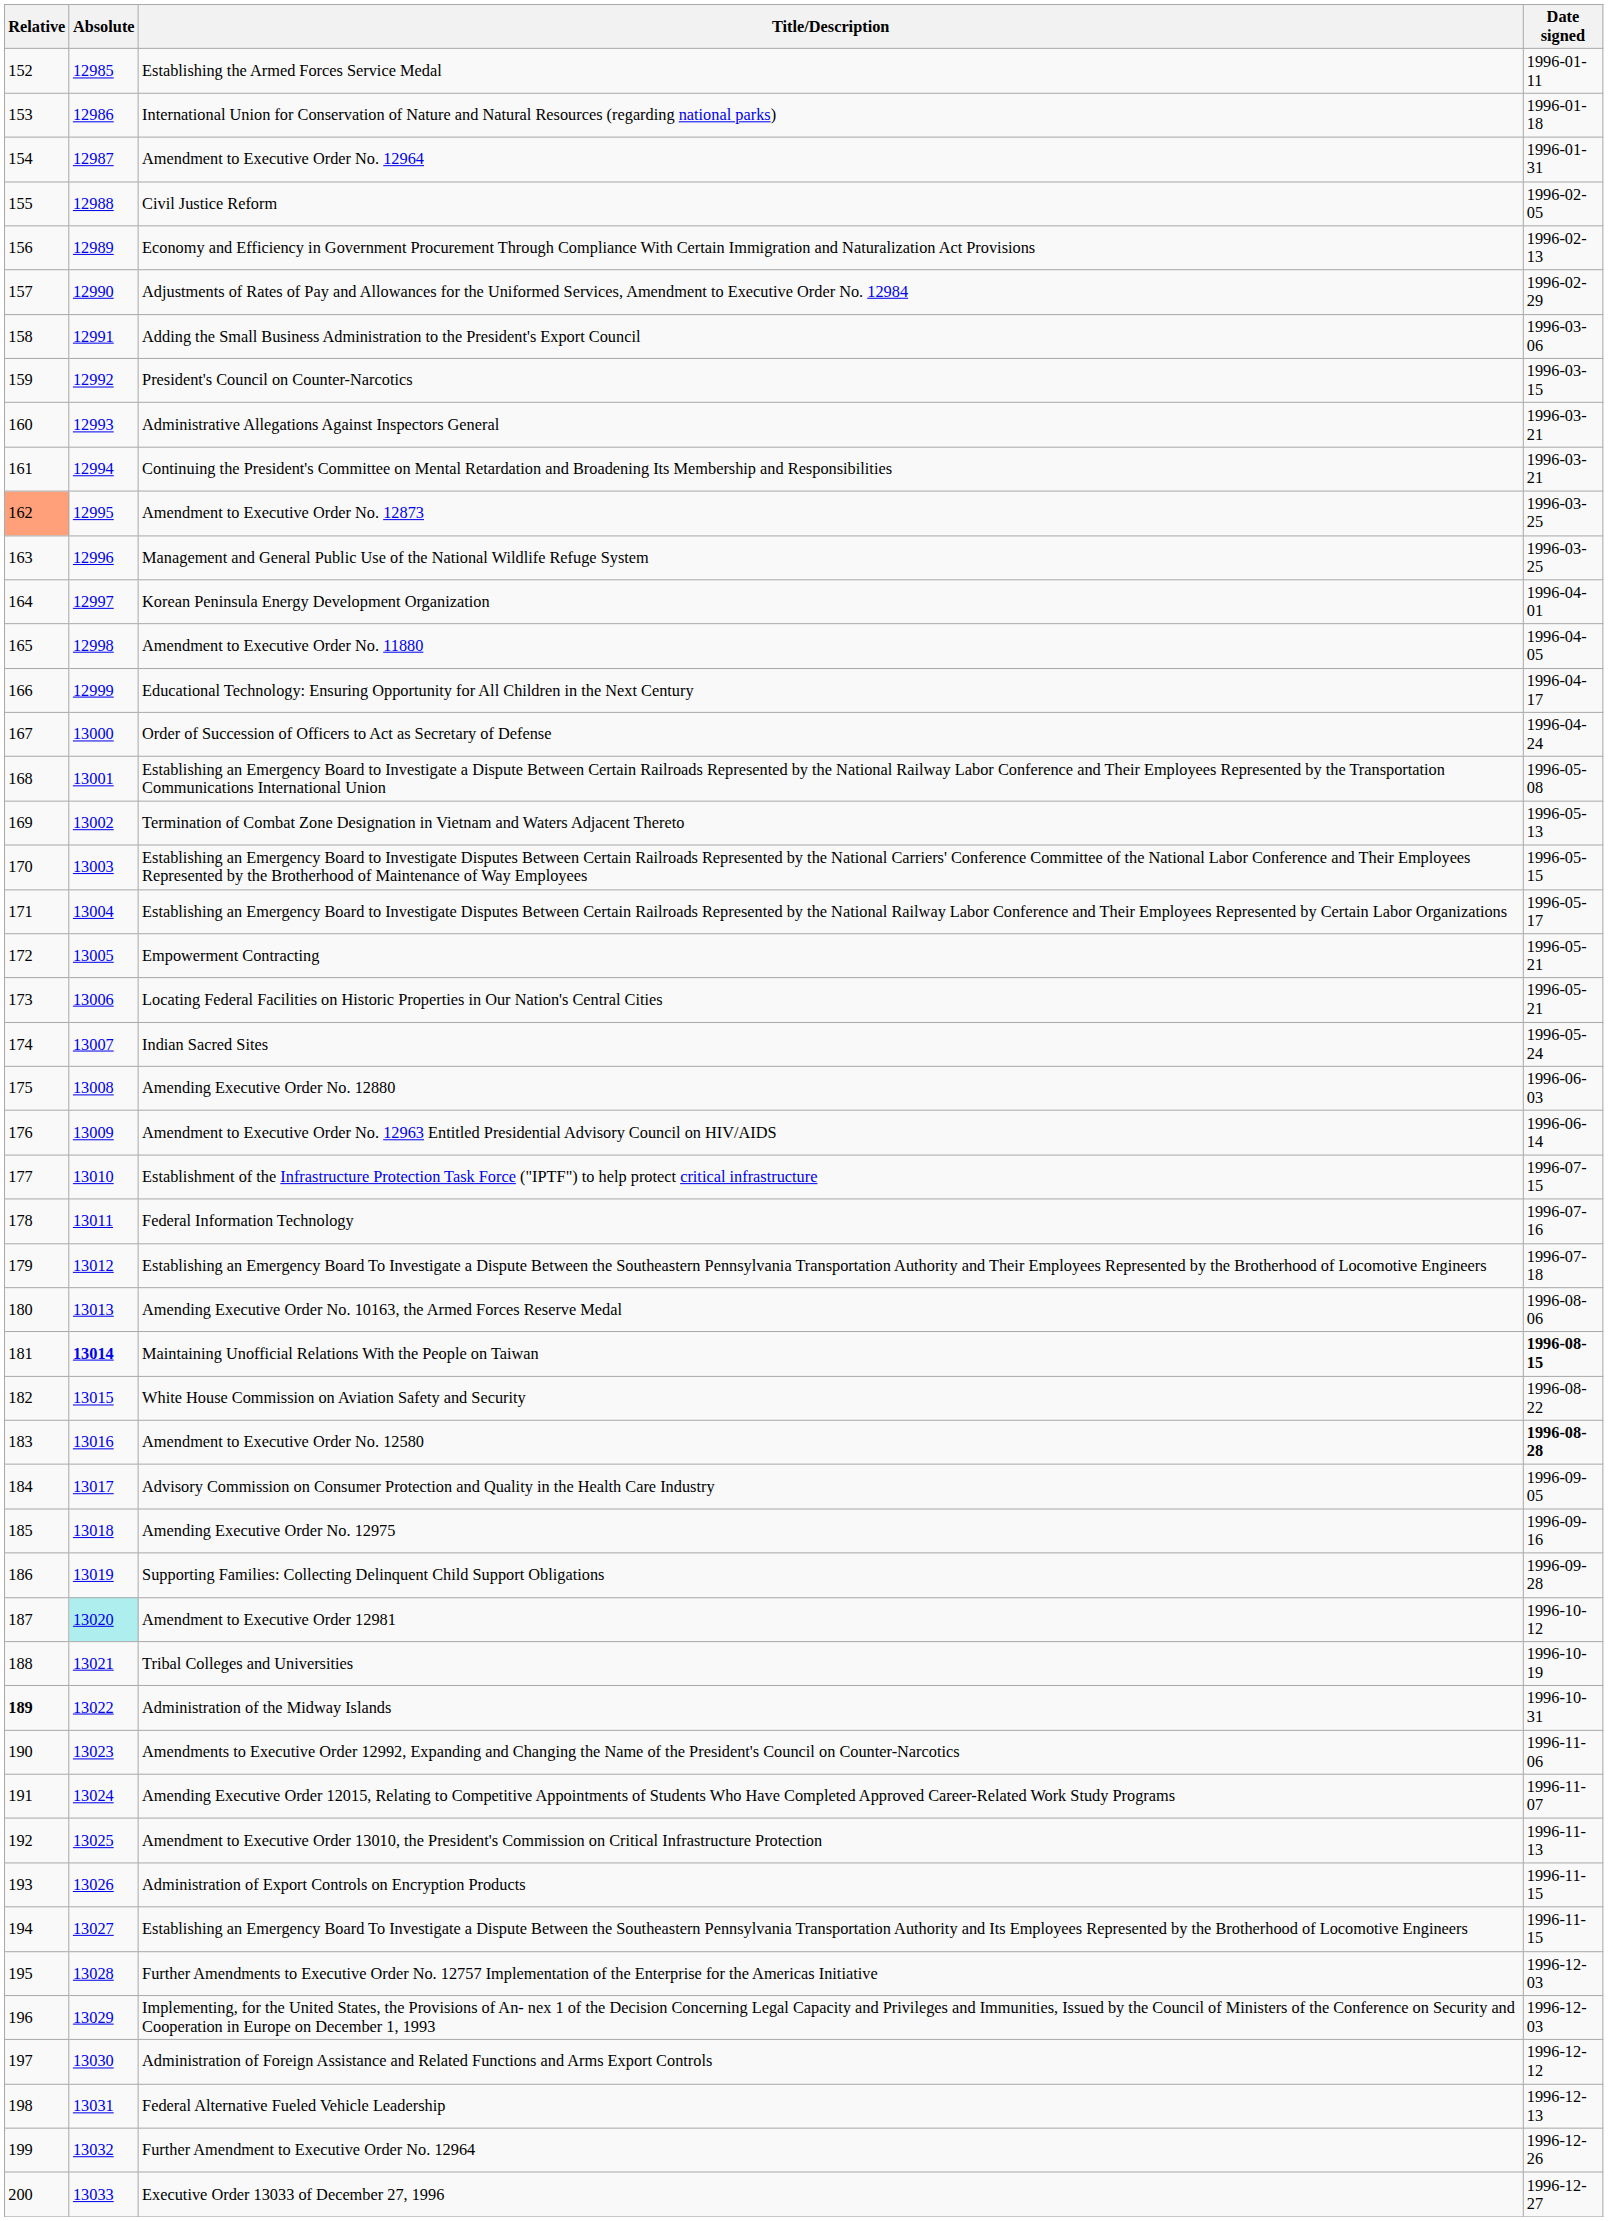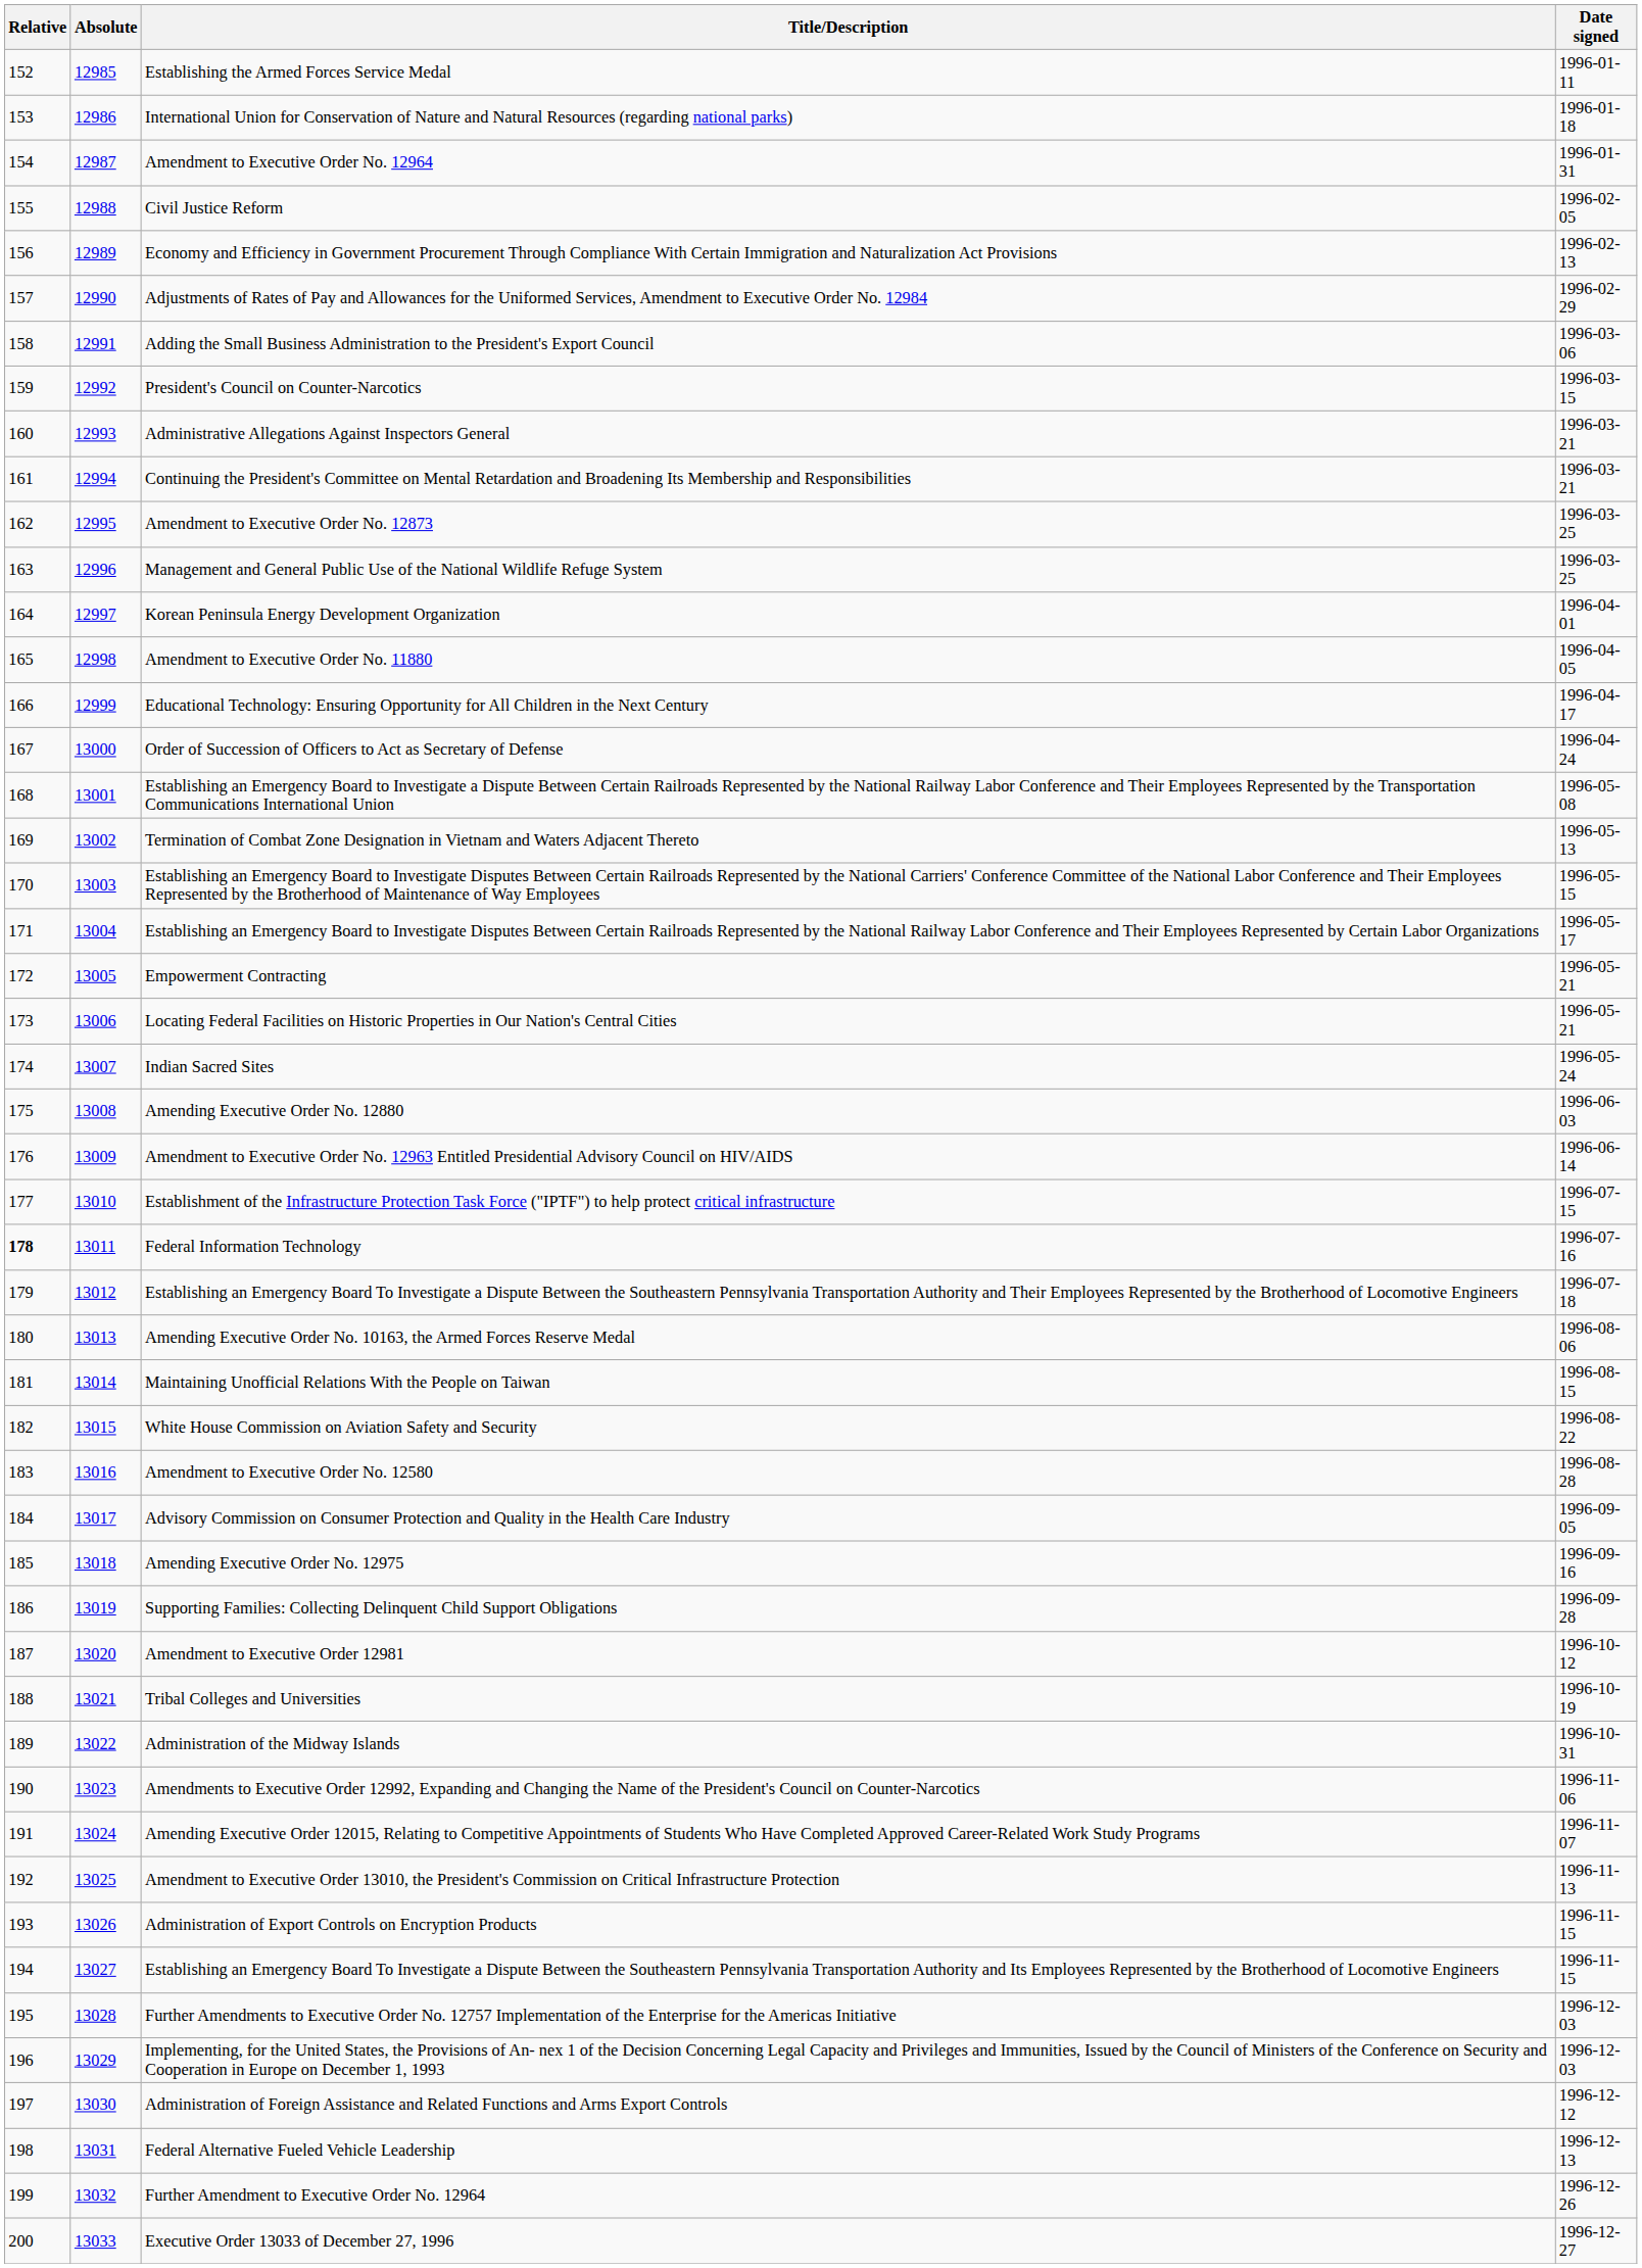 <table class="wikitable">
 <tr>
 <th>Relative </th>
 <th>Absolute </th>
 <th>Title/Description</th>
 <th>Date signed</th>
 </tr>
 <tr>
 <td>152</td>
 <td><a href='#'>12985</a></td>
 <td>Establishing the Armed Forces Service Medal</td>
 <td>1996-01-11</td>
 </tr>
 <tr>
 <td>153</td>
 <td><a href='#'>12986</a></td>
 <td>International Union for Conservation of Nature and Natural Resources (regarding <a href='#'>national parks</a>)</td>
 <td>1996-01-18</td>
 </tr>
 <tr>
 <td>154</td>
 <td><a href='#'>12987</a></td>
 <td>Amendment to Executive Order No. <a href='#'>12964</a></td>
 <td>1996-01-31</td>
 </tr>
 <tr>
 <td>155</td>
 <td><a href='#'>12988</a></td>
 <td>Civil Justice Reform</td>
 <td>1996-02-05</td>
 </tr>
 <tr>
 <td>156</td>
 <td><a href='#'>12989</a></td>
 <td>Economy and Efficiency in Government Procurement Through Compliance With Certain Immigration and Naturalization Act Provisions</td>
 <td>1996-02-13</td>
 </tr>
 <tr>
 <td>157</td>
 <td><a href='#'>12990</a></td>
 <td>Adjustments of Rates of Pay and Allowances for the Uniformed Services, Amendment to Executive Order No. <a href='#'>12984</a></td>
 <td>1996-02-29</td>
 </tr>
 <tr>
 <td>158</td>
 <td><a href='#'>12991</a></td>
 <td>Adding the Small Business Administration to the President's Export Council</td>
 <td>1996-03-06</td>
 </tr>
 <tr>
 <td>159</td>
 <td><a href='#'>12992</a></td>
 <td>President's Council on Counter-Narcotics</td>
 <td>1996-03-15</td>
 </tr>
 <tr>
 <td>160</td>
 <td><a href='#'>12993</a></td>
 <td>Administrative Allegations Against Inspectors General</td>
 <td>1996-03-21</td>
 </tr>
 <tr>
 <td>161</td>
 <td><a href='#'>12994</a></td>
 <td>Continuing the President's Committee on Mental Retardation and Broadening Its Membership and Responsibilities</td>
 <td>1996-03-21</td>
 </tr>
 <tr>
-<td style="background: lightsalmon;">162</td>
+<td>162</td>
 <td><a href='#'>12995</a></td>
 <td>Amendment to Executive Order No. <a href='#'>12873</a></td>
 <td>1996-03-25</td>
 </tr>
 <tr>
 <td>163</td>
 <td><a href='#'>12996</a></td>
 <td>Management and General Public Use of the National Wildlife Refuge System</td>
 <td>1996-03-25</td>
 </tr>
 <tr>
 <td>164</td>
 <td><a href='#'>12997</a></td>
 <td>Korean Peninsula Energy Development Organization</td>
 <td>1996-04-01</td>
 </tr>
 <tr>
 <td>165</td>
 <td><a href='#'>12998</a></td>
 <td>Amendment to Executive Order No. <a href='#'>11880</a></td>
 <td>1996-04-05</td>
 </tr>
 <tr>
 <td>166</td>
 <td><a href='#'>12999</a></td>
 <td>Educational Technology: Ensuring Opportunity for All Children in the Next Century</td>
 <td>1996-04-17</td>
 </tr>
 <tr>
 <td>167</td>
 <td><a href='#'>13000</a></td>
 <td>Order of Succession of Officers to Act as Secretary of Defense</td>
 <td>1996-04-24</td>
 </tr>
 <tr>
 <td>168</td>
 <td><a href='#'>13001</a></td>
 <td>Establishing an Emergency Board to Investigate a Dispute Between Certain Railroads Represented by the National Railway Labor Conference and Their Employees Represented by the Transportation Communications International Union</td>
 <td>1996-05-08</td>
 </tr>
 <tr>
 <td>169</td>
 <td><a href='#'>13002</a></td>
 <td>Termination of Combat Zone Designation in Vietnam and Waters Adjacent Thereto</td>
 <td>1996-05-13</td>
 </tr>
 <tr>
 <td>170</td>
 <td><a href='#'>13003</a></td>
 <td>Establishing an Emergency Board to Investigate Disputes Between Certain Railroads Represented by the National Carriers' Conference Committee of the National Labor Conference and Their Employees Represented by the Brotherhood of Maintenance of Way Employees</td>
 <td>1996-05-15</td>
 </tr>
 <tr>
 <td>171</td>
 <td><a href='#'>13004</a></td>
 <td>Establishing an Emergency Board to Investigate Disputes Between Certain Railroads Represented by the National Railway Labor Conference and Their Employees Represented by Certain Labor Organizations</td>
 <td>1996-05-17</td>
 </tr>
 <tr>
 <td>172</td>
 <td><a href='#'>13005</a></td>
 <td>Empowerment Contracting</td>
 <td>1996-05-21</td>
 </tr>
 <tr>
 <td>173</td>
 <td><a href='#'>13006</a></td>
 <td>Locating Federal Facilities on Historic Properties in Our Nation's Central Cities</td>
 <td>1996-05-21</td>
 </tr>
 <tr>
 <td>174</td>
 <td><a href='#'>13007</a></td>
 <td>Indian Sacred Sites</td>
 <td>1996-05-24</td>
 </tr>
 <tr>
 <td>175</td>
 <td><a href='#'>13008</a></td>
 <td>Amending Executive Order No. 12880</td>
 <td>1996-06-03</td>
 </tr>
 <tr>
 <td>176</td>
 <td><a href='#'>13009</a></td>
 <td>Amendment to Executive Order No. <a href='#'>12963</a> Entitled Presidential Advisory Council on HIV/AIDS</td>
 <td>1996-06-14</td>
 </tr>
 <tr>
 <td>177</td>
 <td><a href='#'>13010</a></td>
 <td>Establishment of the <a href='#'>Infrastructure Protection Task Force</a> ("IPTF") to help protect <a href='#'>critical infrastructure</a></td>
 <td>1996-07-15</td>
 </tr>
 <tr>
-<td>178</td>
+<td><strong>178</strong></td>
 <td><a href='#'>13011</a></td>
 <td>Federal Information Technology</td>
 <td>1996-07-16</td>
 </tr>
 <tr>
 <td>179</td>
 <td><a href='#'>13012</a></td>
 <td>Establishing an Emergency Board To Investigate a Dispute Between the Southeastern Pennsylvania Transportation Authority and Their Employees Represented by the Brotherhood of Locomotive Engineers</td>
 <td>1996-07-18</td>
 </tr>
 <tr>
 <td>180</td>
 <td><a href='#'>13013</a></td>
 <td>Amending Executive Order No. 10163, the Armed Forces Reserve Medal</td>
 <td>1996-08-06</td>
 </tr>
 <tr>
 <td>181</td>
-<td><strong><a href='#'>13014</a></strong></td>
+<td><a href='#'>13014</a></td>
 <td>Maintaining Unofficial Relations With the People on Taiwan</td>
-<td><strong>1996-08-15</strong></td>
+<td>1996-08-15</td>
 </tr>
 <tr>
 <td>182</td>
 <td><a href='#'>13015</a></td>
 <td>White House Commission on Aviation Safety and Security</td>
 <td>1996-08-22</td>
 </tr>
 <tr>
 <td>183</td>
 <td><a href='#'>13016</a></td>
 <td>Amendment to Executive Order No. 12580</td>
-<td><strong>1996-08-28</strong></td>
+<td>1996-08-28</td>
 </tr>
 <tr>
 <td>184</td>
 <td><a href='#'>13017</a></td>
 <td>Advisory Commission on Consumer Protection and Quality in the Health Care Industry</td>
 <td>1996-09-05</td>
 </tr>
 <tr>
 <td>185</td>
 <td><a href='#'>13018</a></td>
 <td>Amending Executive Order No. 12975</td>
 <td>1996-09-16</td>
 </tr>
 <tr>
 <td>186</td>
 <td><a href='#'>13019</a></td>
 <td>Supporting Families: Collecting Delinquent Child Support Obligations</td>
 <td>1996-09-28</td>
 </tr>
 <tr>
 <td>187</td>
-<td style="background: paleturquoise;"><a href='#'>13020</a></td>
+<td><a href='#'>13020</a></td>
 <td>Amendment to Executive Order 12981</td>
 <td>1996-10-12</td>
 </tr>
 <tr>
 <td>188</td>
 <td><a href='#'>13021</a></td>
 <td>Tribal Colleges and Universities</td>
 <td>1996-10-19</td>
 </tr>
 <tr>
-<td><strong>189</strong></td>
+<td>189</td>
 <td><a href='#'>13022</a></td>
 <td>Administration of the Midway Islands</td>
 <td>1996-10-31</td>
 </tr>
 <tr>
 <td>190</td>
 <td><a href='#'>13023</a></td>
 <td>Amendments to Executive Order 12992, Expanding and Changing the Name of the President's Council on Counter-Narcotics</td>
 <td>1996-11-06</td>
 </tr>
 <tr>
 <td>191</td>
 <td><a href='#'>13024</a></td>
 <td>Amending Executive Order 12015, Relating to Competitive Appointments of Students Who Have Completed Approved Career-Related Work Study Programs</td>
 <td>1996-11-07</td>
 </tr>
 <tr>
 <td>192</td>
 <td><a href='#'>13025</a></td>
 <td>Amendment to Executive Order 13010, the President's Commission on Critical Infrastructure Protection</td>
 <td>1996-11-13</td>
 </tr>
 <tr>
 <td>193</td>
 <td><a href='#'>13026</a></td>
 <td>Administration of Export Controls on Encryption Products</td>
 <td>1996-11-15</td>
 </tr>
 <tr>
 <td>194</td>
 <td><a href='#'>13027</a></td>
 <td>Establishing an Emergency Board To Investigate a Dispute Between the Southeastern Pennsylvania Transportation Authority and Its Employees Represented by the Brotherhood of Locomotive Engineers</td>
 <td>1996-11-15</td>
 </tr>
 <tr>
 <td>195</td>
 <td><a href='#'>13028</a></td>
 <td>Further Amendments to Executive Order No. 12757 Implementation of the Enterprise for the Americas Initiative</td>
 <td>1996-12-03</td>
 </tr>
 <tr>
 <td>196</td>
 <td><a href='#'>13029</a></td>
 <td>Implementing, for the United States, the Provisions of An- nex 1 of the Decision Concerning Legal Capacity and Privileges and Immunities, Issued by the Council of Ministers of the Conference on Security and Cooperation in Europe on December 1, 1993</td>
 <td>1996-12-03</td>
 </tr>
 <tr>
 <td>197</td>
 <td><a href='#'>13030</a></td>
 <td>Administration of Foreign Assistance and Related Functions and Arms Export Controls</td>
 <td>1996-12-12</td>
 </tr>
 <tr>
 <td>198</td>
 <td><a href='#'>13031</a></td>
 <td>Federal Alternative Fueled Vehicle Leadership</td>
 <td>1996-12-13</td>
 </tr>
 <tr>
 <td>199</td>
 <td><a href='#'>13032</a></td>
 <td>Further Amendment to Executive Order No. 12964</td>
 <td>1996-12-26</td>
 </tr>
 <tr>
 <td>200</td>
 <td><a href='#'>13033</a></td>
 <td>Executive Order 13033 of December 27, 1996</td>
 <td>1996-12-27</td>
 </tr>
 </table>
